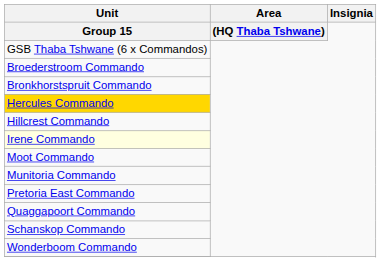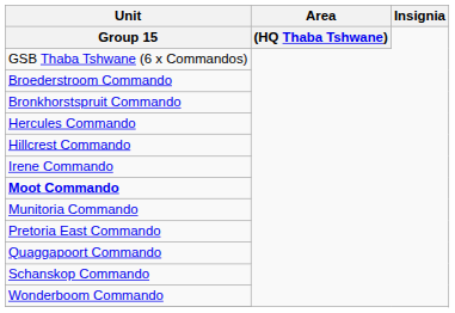 <table class="wikitable">
 <tr>
 <th>Unit</th>
 <th>Area</th>
 <th>Insignia</th>
 </tr>
 <tr>
 <th>Group 15</th>
 <th>(HQ <a href='#'>Thaba Tshwane</a>)</th>
 </tr>
 <tr>
 <td>GSB <a href='#'>Thaba Tshwane</a> (6 x Commandos)</td>
 </tr>
 <tr>
 <td><a href='#'>Broederstroom Commando</a></td>
 </tr>
 <tr>
 <td><a href='#'>Bronkhorstspruit Commando</a></td>
 </tr>
 <tr>
-<td style="background: gold;"><a href='#'>Hercules Commando</a></td>
+<td><a href='#'>Hercules Commando</a></td>
 </tr>
 <tr>
 <td><a href='#'>Hillcrest Commando</a></td>
 </tr>
 <tr>
-<td style="background: lightyellow;"><a href='#'>Irene Commando</a></td>
+<td><a href='#'>Irene Commando</a></td>
 </tr>
 <tr>
-<td><a href='#'>Moot Commando</a></td>
+<td><strong><a href='#'>Moot Commando</a></strong></td>
 </tr>
 <tr>
 <td><a href='#'>Munitoria Commando</a></td>
 </tr>
 <tr>
 <td><a href='#'>Pretoria East Commando</a></td>
 </tr>
 <tr>
 <td><a href='#'>Quaggapoort Commando</a></td>
 </tr>
 <tr>
 <td><a href='#'>Schanskop Commando</a></td>
 </tr>
 <tr>
 <td><a href='#'>Wonderboom Commando</a></td>
 </tr>
 <tr>
 </tr>
 </table>
